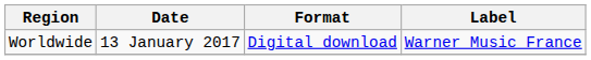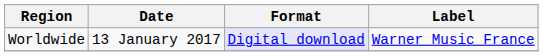 <table class=wikitable>
 <tr>
 <th>Region</th>
 <th>Date</th>
 <th>Format</th>
 <th>Label</th>
 </tr>
 <tr>
 <td>Worldwide</td>
 <td>13 January 2017</td>
-<td><a href='#'>Digital download</a></td>
+<td style="background: lavender;"><a href='#'>Digital download</a></td>
 <td><a href='#'>Warner Music France</a></td>
 </tr>
 <tr>
 </tr>
 </table>
